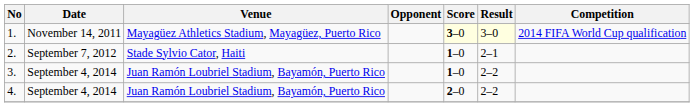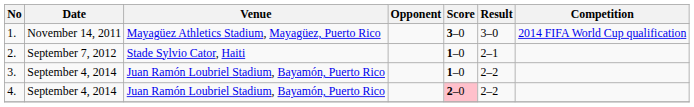 <table class="wikitable" style="font-size:85%;">
 <tr>
 <th>No</th>
 <th>Date</th>
 <th>Venue</th>
 <th>Opponent</th>
 <th>Score</th>
 <th>Result</th>
 <th>Competition</th>
 </tr>
 <tr>
 <td>1.</td>
 <td>November 14, 2011</td>
 <td><a href='#'>Mayagüez Athletics Stadium</a>, <a href='#'>Mayagüez, Puerto Rico</a></td>
 <td></td>
-<td style="background: lightyellow;"><strong>3</strong>–0</td>
-<td style="background: lightyellow;">3–0</td>
+<td><strong>3</strong>–0</td>
+<td>3–0</td>
 <td><a href='#'>2014 FIFA World Cup qualification</a></td>
 </tr>
 <tr>
 <td>2.</td>
 <td>September 7, 2012</td>
 <td><a href='#'>Stade Sylvio Cator</a>, <a href='#'>Haiti</a></td>
 <td></td>
 <td><strong>1</strong>–0</td>
 <td>2–1</td>
 <td></td>
 </tr>
 <tr>
 <td>3.</td>
 <td>September 4, 2014</td>
 <td><a href='#'>Juan Ramón Loubriel Stadium</a>, <a href='#'>Bayamón, Puerto Rico</a></td>
 <td></td>
 <td><strong>1</strong>–0</td>
 <td>2–2</td>
 <td></td>
 </tr>
 <tr>
 <td>4.</td>
 <td>September 4, 2014</td>
 <td><a href='#'>Juan Ramón Loubriel Stadium</a>, <a href='#'>Bayamón, Puerto Rico</a></td>
 <td></td>
-<td><strong>2</strong>–0</td>
+<td style="background: pink;"><strong>2</strong>–0</td>
 <td>2–2</td>
 <td></td>
 </tr>
 <tr>
 </tr>
 </table>
